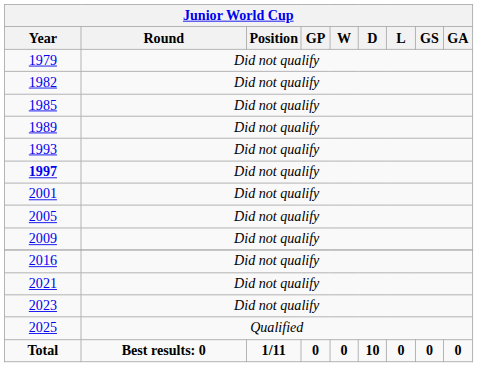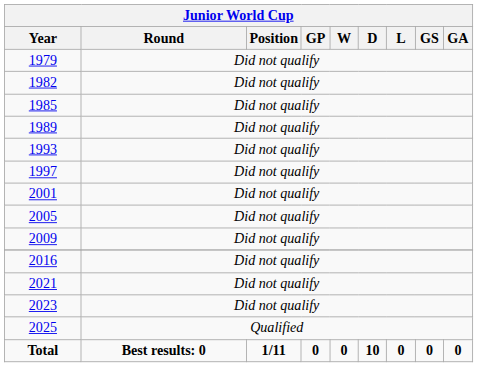 <table class="wikitable" style="text-align: center">
 <tr>
 <th colspan=9><a href='#'>Junior World Cup</a></th>
 </tr>
 <tr>
 <th width=80>Year</th>
 <th width=180>Round</th>
 <th>Position</th>
 <th width=25>GP</th>
 <th width=25>W</th>
 <th width=25>D</th>
 <th width=25>L</th>
 <th width=25>GS</th>
 <th width=25>GA</th>
 </tr>
 <tr>
 <td> <a href='#'>1979</a></td>
 <td colspan=8><em>Did not qualify</em></td>
 </tr>
 <tr>
 <td> <a href='#'>1982</a></td>
 <td colspan=8><em>Did not qualify</em></td>
 </tr>
 <tr>
 <td> <a href='#'>1985</a></td>
 <td colspan=8><em>Did not qualify</em></td>
 </tr>
 <tr>
 <td> <a href='#'>1989</a></td>
 <td colspan=8><em>Did not qualify</em></td>
 </tr>
 <tr>
 <td> <a href='#'>1993</a></td>
 <td colspan=8><em>Did not qualify</em></td>
 </tr>
 <tr>
-<td><strong> <a href='#'>1997</a></strong></td>
+<td> <a href='#'>1997</a></td>
 <td colspan=8><em>Did not qualify</em></td>
 </tr>
 <tr>
 <td> <a href='#'>2001</a></td>
 <td colspan=8><em>Did not qualify</em></td>
 </tr>
 <tr>
 <td> <a href='#'>2005</a></td>
 <td colspan=8><em>Did not qualify</em></td>
 </tr>
 <tr>
 <td> <a href='#'>2009</a></td>
 <td colspan=8><em>Did not qualify</em></td>
 </tr>
 <tr>
 </tr>
 <tr>
 <td> <a href='#'>2016</a></td>
 <td colspan=8><em>Did not qualify</em></td>
 </tr>
 <tr>
 <td> <a href='#'>2021</a></td>
 <td colspan=8><em>Did not qualify</em></td>
 </tr>
 <tr>
 <td> <a href='#'>2023</a></td>
 <td colspan=8><em>Did not qualify</em></td>
 </tr>
 <tr>
 <td> <a href='#'>2025</a></td>
 <td colspan=8><em>Qualified</em></td>
 </tr>
 <tr>
 <td><strong>Total</strong></td>
 <td><strong>Best results: 0</strong></td>
 <td><strong>1/11</strong></td>
 <td><strong>0</strong></td>
 <td><strong>0</strong></td>
 <td><strong>10</strong></td>
 <td><strong>0</strong></td>
 <td><strong>0</strong></td>
 <td><strong>0</strong></td>
 </tr>
 </table>
